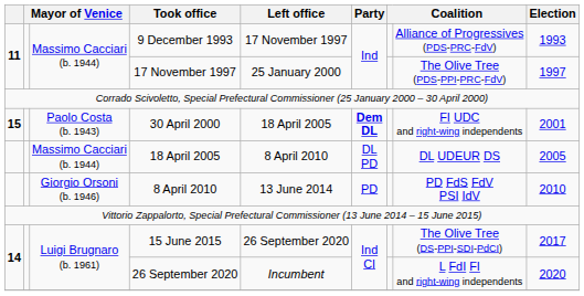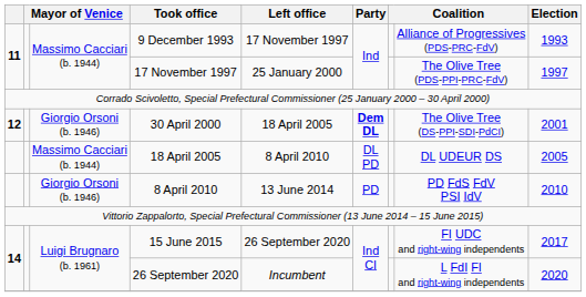 <table class="wikitable" style="text-align: center;">
 <tr>
 <th><br></th>
 <th colspan="2">Mayor of <a href='#'>Venice</a></th>
 <th>Took office</th>
 <th>Left office</th>
 <th>Party</th>
 <th colspan="2">Coalition</th>
 <th>Election</th>
 </tr>
 <tr>
 <td rowspan="2" style="background: "><strong>11</strong></td>
 <td rowspan="2"></td>
 <td rowspan="2"><a href='#'>Massimo Cacciari</a><br><small>(b. 1944)</small></td>
 <td>9 December 1993</td>
 <td>17 November 1997</td>
 <td rowspan="2"><a href='#'>Ind</a></td>
 <td style="background: "></td>
 <td><a href='#'>Alliance of Progressives</a><br><small>(<a href='#'>PDS</a>-<a href='#'>PRC</a>-<a href='#'>FdV</a>)</small></td>
 <td><a href='#'>1993</a></td>
 </tr>
 <tr>
 <td>17 November 1997</td>
 <td>25 January 2000</td>
 <td style="background: "></td>
 <td><a href='#'>The Olive Tree</a><br><small>(<a href='#'>PDS</a>-<a href='#'>PPI</a>-<a href='#'>PRC</a>-<a href='#'>FdV</a>)</small></td>
 <td><a href='#'>1997</a></td>
 </tr>
 <tr>
 <td colspan="10"><small><em>Corrado Scivoletto, Special Prefectural Commissioner (25 January 2000 – 30 April 2000)</em></small></td>
 </tr>
 <tr>
-<td rowspan="1" style="background: "><strong>15</strong></td>
+<td rowspan="1" style="background: "><strong>12</strong></td>
 <td rowspan="1"></td>
-<td rowspan="1"><a href='#'>Paolo Costa</a><br><small>(b. 1943)</small></td>
+<td rowspan="1"><a href='#'>Giorgio Orsoni</a><br><small>(b. 1946)</small></td>
 <td rowspan="1">30 April 2000</td>
 <td rowspan="1">18 April 2005</td>
 <td rowspan="1"><strong><a href='#'>Dem</a> <br> <a href='#'>DL</a></strong></td>
 <td style="background: "></td>
-<td><a href='#'>FI</a>  <a href='#'>UDC</a><br><small>and <a href='#'>right-wing</a> independents</small></td>
+<td><a href='#'>The Olive Tree</a><br><small>(<a href='#'>DS</a>-<a href='#'>PPI</a>-<a href='#'>SDI</a>-<a href='#'>PdCI</a>)</small></td>
 <td><a href='#'>2001</a></td>
 </tr>
 <tr>
 <td rowspan="1" style="background: "><strong><small></small></strong></td>
 <td rowspan="1"></td>
 <td rowspan="1"><a href='#'>Massimo Cacciari</a><br><small>(b. 1944)</small></td>
 <td rowspan="1">18 April 2005</td>
 <td rowspan="1">8 April 2010</td>
 <td rowspan="1"><a href='#'>DL</a> <br> <a href='#'>PD</a></td>
 <td style="background:"></td>
 <td><a href='#'>DL</a>  <a href='#'>UDEUR</a>  <a href='#'>DS</a></td>
 <td><a href='#'>2005</a></td>
 </tr>
 <tr>
 <td rowspan="1" style="background: "><strong></strong></td>
 <td rowspan="1"></td>
 <td rowspan="1"><a href='#'>Giorgio Orsoni</a><br><small>(b. 1946)</small></td>
 <td rowspan="1">8 April 2010</td>
 <td rowspan="1">13 June 2014</td>
 <td rowspan="1"><a href='#'>PD</a></td>
 <td style="background: "></td>
 <td><a href='#'>PD</a>  <a href='#'>FdS</a>  <a href='#'>FdV</a> <br> <a href='#'>PSI</a>  <a href='#'>IdV</a></td>
 <td><a href='#'>2010</a></td>
 </tr>
 <tr>
 <td colspan="10"><small><em>Vittorio Zappalorto, Special Prefectural Commissioner (13 June 2014 – 15 June 2015)</em></small></td>
 </tr>
 <tr>
 <td rowspan="2" style="background: "><strong>14</strong></td>
 <td rowspan="2"></td>
 <td rowspan="2"><a href='#'>Luigi Brugnaro</a><br><small>(b. 1961)</small></td>
 <td>15 June 2015</td>
 <td>26 September 2020</td>
 <td rowspan="2"><a href='#'>Ind</a><br><a href='#'>CI</a></td>
 <td style="background: "></td>
-<td><a href='#'>The Olive Tree</a><br><small>(<a href='#'>DS</a>-<a href='#'>PPI</a>-<a href='#'>SDI</a>-<a href='#'>PdCI</a>)</small></td>
+<td><a href='#'>FI</a>  <a href='#'>UDC</a><br><small>and <a href='#'>right-wing</a> independents</small></td>
 <td><a href='#'>2017</a></td>
 </tr>
 <tr>
 <td>26 September 2020</td>
 <td><em>Incumbent</em></td>
 <td style="background: "></td>
 <td><a href='#'>L</a>  <a href='#'>FdI</a>  <a href='#'>FI</a><br><small>and <a href='#'>right-wing</a> independents</small></td>
 <td><a href='#'>2020</a></td>
 </tr>
 <tr>
 </tr>
 </table>
